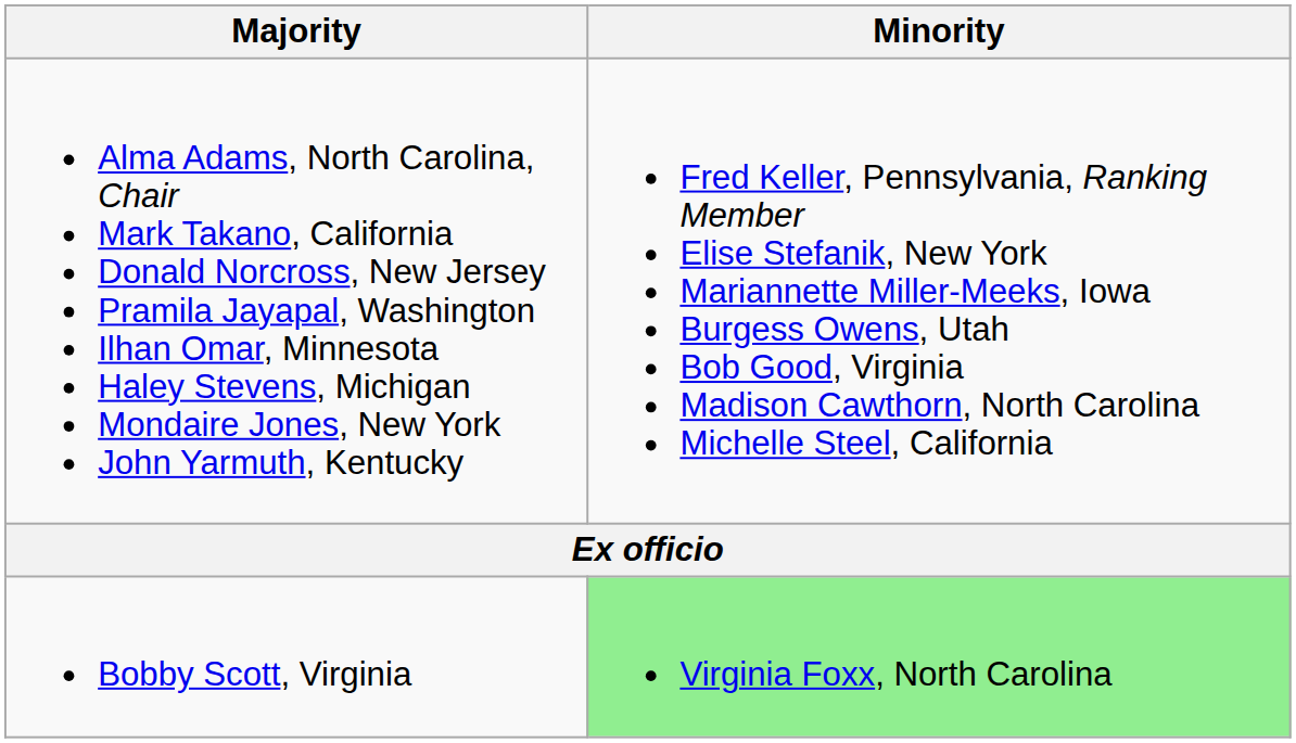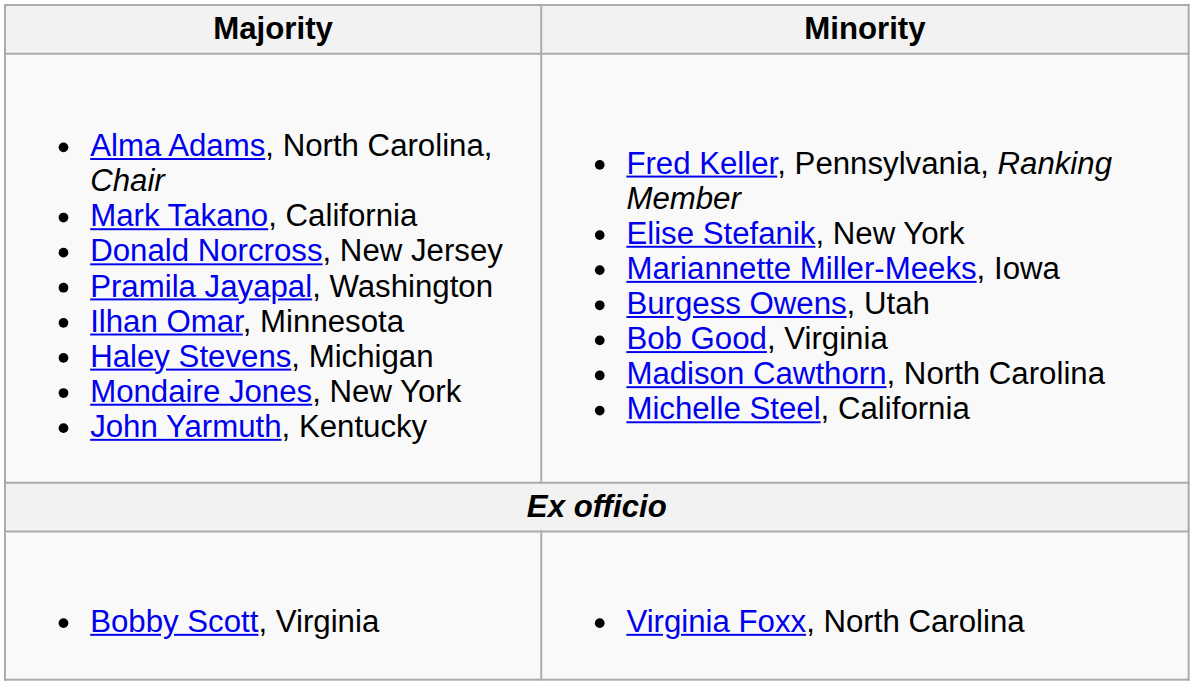 <table class=wikitable>
 <tr>
 <th>Majority</th>
 <th>Minority</th>
 </tr>
 <tr>
 <td><br><ul><li><a href='#'>Alma Adams</a>, North Carolina, <em>Chair</em></li><li><a href='#'>Mark Takano</a>, California</li><li><a href='#'>Donald Norcross</a>, New Jersey</li><li><a href='#'>Pramila Jayapal</a>, Washington</li><li><a href='#'>Ilhan Omar</a>, Minnesota</li><li><a href='#'>Haley Stevens</a>, Michigan</li><li><a href='#'>Mondaire Jones</a>, New York</li><li><a href='#'>John Yarmuth</a>, Kentucky</li></ul></td>
 <td><br><ul><li><a href='#'>Fred Keller</a>, Pennsylvania, <em>Ranking Member</em></li><li><a href='#'>Elise Stefanik</a>, New York</li><li><a href='#'>Mariannette Miller-Meeks</a>, Iowa</li><li><a href='#'>Burgess Owens</a>, Utah</li><li><a href='#'>Bob Good</a>, Virginia</li><li><a href='#'>Madison Cawthorn</a>, North Carolina</li><li><a href='#'>Michelle Steel</a>, California</li></ul></td>
 </tr>
 <tr>
 <th colspan=2><em>Ex officio</em></th>
 </tr>
 <tr>
 <td><br><ul><li><a href='#'>Bobby Scott</a>, Virginia</li></ul></td>
-<td style="background: lightgreen;"><br><ul><li><a href='#'>Virginia Foxx</a>, North Carolina</li></ul></td>
+<td><br><ul><li><a href='#'>Virginia Foxx</a>, North Carolina</li></ul></td>
 </tr>
 </table>
